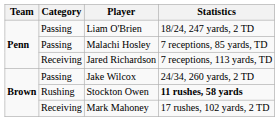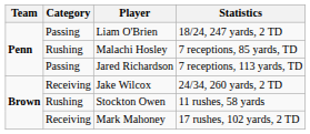 <table class="wikitable" style="float: right;">
 <tr>
 <th>Team</th>
 <th>Category</th>
 <th>Player</th>
 <th>Statistics</th>
 </tr>
 <tr>
 <td rowspan=3><strong>Penn</strong></td>
 <td>Passing</td>
 <td>Liam O'Brien</td>
 <td>18/24, 247 yards, 2 TD</td>
 </tr>
 <tr>
-<td>Passing</td>
+<td>Rushing</td>
 <td>Malachi Hosley</td>
 <td>7 receptions, 85 yards, TD</td>
 </tr>
 <tr>
-<td>Receiving</td>
+<td>Passing</td>
 <td>Jared Richardson</td>
 <td>7 receptions, 113 yards, TD</td>
 </tr>
 <tr>
 <td rowspan=3><strong>Brown</strong></td>
-<td>Passing</td>
+<td>Receiving</td>
 <td>Jake Wilcox</td>
 <td>24/34, 260 yards, 2 TD</td>
 </tr>
 <tr>
 <td>Rushing</td>
 <td>Stockton Owen</td>
-<td><strong>11 rushes, 58 yards</strong></td>
+<td>11 rushes, 58 yards</td>
 </tr>
 <tr>
 <td>Receiving</td>
 <td>Mark Mahoney</td>
 <td>17 rushes, 102 yards, 2 TD</td>
 </tr>
 </table>
